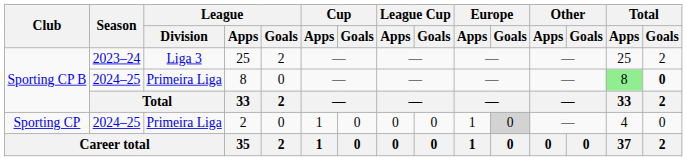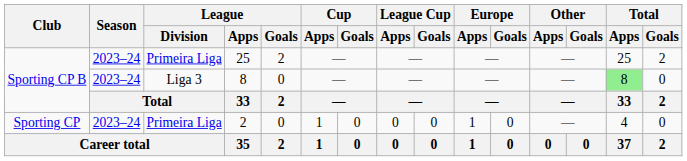 <table class="wikitable" style="text-align:center">
 <tr>
 <th rowspan="2">Club</th>
 <th rowspan="2">Season</th>
 <th colspan="3">League</th>
 <th colspan="2">Cup</th>
 <th colspan="2">League Cup</th>
 <th colspan="2">Europe</th>
 <th colspan="2">Other</th>
 <th colspan="2">Total</th>
 </tr>
 <tr>
 <th>Division</th>
 <th>Apps</th>
 <th>Goals</th>
 <th>Apps</th>
 <th>Goals</th>
 <th>Apps</th>
 <th>Goals</th>
 <th>Apps</th>
 <th>Goals</th>
 <th>Apps</th>
 <th>Goals</th>
 <th>Apps</th>
 <th>Goals</th>
 </tr>
 <tr>
 <td rowspan="3"><a href='#'>Sporting CP B</a></td>
 <td><a href='#'>2023–24</a></td>
-<td><a href='#'>Liga 3</a></td>
+<td><a href='#'>Primeira Liga</a></td>
 <td>25</td>
 <td>2</td>
 <td colspan="2">—</td>
 <td colspan="2">—</td>
 <td colspan="2">—</td>
 <td colspan="2">—</td>
 <td>25</td>
 <td>2</td>
 </tr>
 <tr>
-<td><a href='#'>2024–25</a></td>
-<td><a href='#'>Primeira Liga</a></td>
+<td><a href='#'>2023–24</a></td>
+<td>Liga 3</td>
 <td>8</td>
 <td>0</td>
 <td colspan="2">—</td>
 <td colspan="2">—</td>
 <td colspan="2">—</td>
 <td colspan="2">—</td>
 <td style="background: lightgreen;">8</td>
-<td><strong>0</strong></td>
+<td>0</td>
 </tr>
 <tr>
 <th colspan="2">Total</th>
 <th>33</th>
 <th>2</th>
 <th colspan="2">—</th>
 <th colspan="2">—</th>
 <th colspan="2">—</th>
 <th colspan="2">—</th>
 <th>33</th>
 <th>2</th>
 </tr>
 <tr>
 <td><a href='#'>Sporting CP</a></td>
-<td><a href='#'>2024–25</a></td>
+<td><a href='#'>2023–24</a></td>
 <td><a href='#'>Primeira Liga</a></td>
 <td>2</td>
 <td>0</td>
 <td>1</td>
 <td>0</td>
 <td>0</td>
 <td>0</td>
 <td>1</td>
-<td style="background: lightgrey;">0</td>
+<td>0</td>
 <td colspan="2">—</td>
 <td>4</td>
 <td>0</td>
 </tr>
 <tr>
 <th colspan="3">Career total</th>
 <th>35</th>
 <th>2</th>
 <th>1</th>
 <th>0</th>
 <th>0</th>
 <th>0</th>
 <th>1</th>
 <th>0</th>
 <th>0</th>
 <th>0</th>
 <th>37</th>
 <th>2</th>
 </tr>
 </table>
